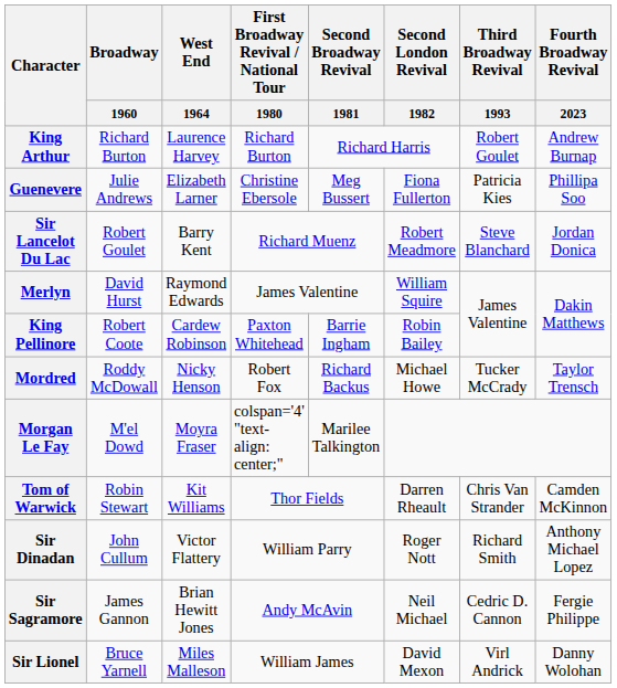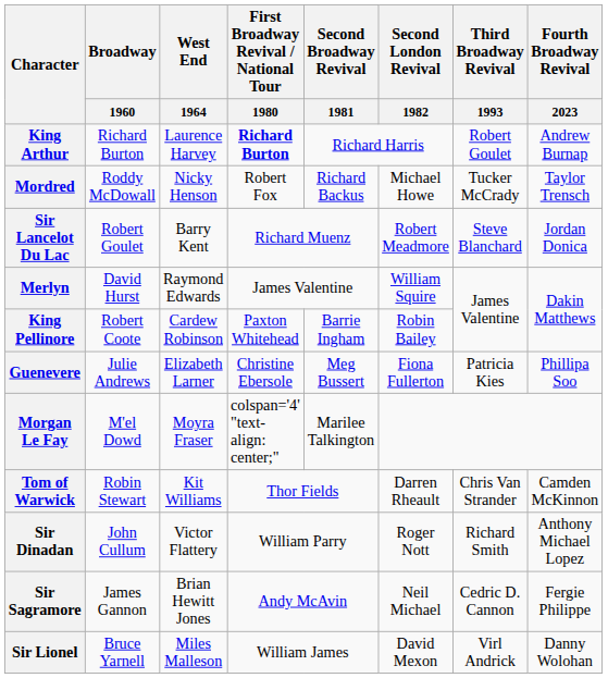 <table class="wikitable" style="width:98%;">
 <tr>
 <th rowspan="2">Character</th>
 <th>Broadway</th>
 <th>West End</th>
 <th>First Broadway Revival / National Tour</th>
 <th>Second Broadway Revival</th>
 <th>Second London Revival</th>
 <th>Third Broadway Revival</th>
 <th>Fourth Broadway Revival</th>
 </tr>
 <tr>
 <th><small>1960</small></th>
 <th><small>1964</small></th>
 <th><small>1980</small></th>
 <th><small>1981</small></th>
 <th><small>1982</small></th>
 <th><small>1993</small></th>
 <th><small>2023</small></th>
 </tr>
 <tr>
 <th scope="row"><a href='#'>King Arthur</a></th>
 <td align="center"><a href='#'>Richard Burton</a></td>
 <td align="center"><a href='#'>Laurence Harvey</a></td>
-<td align="center"><a href='#'>Richard Burton</a></td>
+<td align="center"><strong><a href='#'>Richard Burton</a></strong></td>
 <td align=center colspan="2"><a href='#'>Richard Harris</a></td>
 <td align="center"><a href='#'>Robert Goulet</a></td>
 <td align="center"><a href='#'>Andrew Burnap</a></td>
 </tr>
 <tr>
-<th scope="row"><a href='#'>Guenevere</a></th>
-<td align="center"><a href='#'>Julie Andrews</a></td>
-<td align="center"><a href='#'>Elizabeth Larner</a></td>
-<td align="center"><a href='#'>Christine Ebersole</a></td>
-<td align="center"><a href='#'>Meg Bussert</a></td>
-<td align="center"><a href='#'>Fiona Fullerton</a></td>
-<td align="center">Patricia Kies</td>
-<td align="center"><a href='#'>Phillipa Soo</a></td>
+<th scope="row"><a href='#'>Mordred</a></th>
+<td align="center"><a href='#'>Roddy McDowall</a></td>
+<td align="center"><a href='#'>Nicky Henson</a></td>
+<td align="center">Robert Fox</td>
+<td align="center"><a href='#'>Richard Backus</a></td>
+<td align="center">Michael Howe</td>
+<td align="center">Tucker McCrady</td>
+<td align="center"><a href='#'>Taylor Trensch</a></td>
 </tr>
 <tr>
 <th scope="row"><a href='#'>Sir Lancelot Du Lac</a></th>
 <td align="center"><a href='#'>Robert Goulet</a></td>
 <td align="center">Barry Kent</td>
 <td align=center colspan="2"><a href='#'>Richard Muenz</a></td>
 <td align="center"><a href='#'>Robert Meadmore</a></td>
 <td align="center"><a href='#'>Steve Blanchard</a></td>
 <td align="center"><a href='#'>Jordan Donica</a></td>
 </tr>
 <tr>
 <th scope="row"><a href='#'>Merlyn</a></th>
 <td align="center"><a href='#'>David Hurst</a></td>
 <td align="center">Raymond Edwards</td>
 <td align=center colspan="2">James Valentine</td>
 <td align="center"><a href='#'>William Squire</a></td>
 <td rowspan=2 align="center">James Valentine</td>
 <td rowspan=2 align="center"><a href='#'>Dakin Matthews</a></td>
 </tr>
 <tr>
 <th scope="row"><a href='#'>King Pellinore</a></th>
 <td align="center"><a href='#'>Robert Coote</a></td>
 <td align="center"><a href='#'>Cardew Robinson</a></td>
 <td align="center"><a href='#'>Paxton Whitehead</a></td>
 <td align="center"><a href='#'>Barrie Ingham</a></td>
 <td align="center"><a href='#'>Robin Bailey</a></td>
 </tr>
 <tr>
-<th scope="row"><a href='#'>Mordred</a></th>
-<td align="center"><a href='#'>Roddy McDowall</a></td>
-<td align="center"><a href='#'>Nicky Henson</a></td>
-<td align="center">Robert Fox</td>
-<td align="center"><a href='#'>Richard Backus</a></td>
-<td align="center">Michael Howe</td>
-<td align="center">Tucker McCrady</td>
-<td align="center"><a href='#'>Taylor Trensch</a></td>
+<th scope="row"><a href='#'>Guenevere</a></th>
+<td align="center"><a href='#'>Julie Andrews</a></td>
+<td align="center"><a href='#'>Elizabeth Larner</a></td>
+<td align="center"><a href='#'>Christine Ebersole</a></td>
+<td align="center"><a href='#'>Meg Bussert</a></td>
+<td align="center"><a href='#'>Fiona Fullerton</a></td>
+<td align="center">Patricia Kies</td>
+<td align="center"><a href='#'>Phillipa Soo</a></td>
 </tr>
 <tr>
 <th scope="row"><a href='#'>Morgan Le Fay</a></th>
 <td align="center"><a href='#'>M'el Dowd</a></td>
 <td align="center"><a href='#'>Moyra Fraser</a></td>
 <td>colspan='4' "text-align: center;" </td>
 <td align="center">Marilee Talkington</td>
 </tr>
 <tr>
 <th scope="row"><a href='#'>Tom of Warwick</a></th>
 <td align="center"><a href='#'>Robin Stewart</a></td>
 <td align="center"><a href='#'>Kit Williams</a></td>
 <td align=center colspan="2"><a href='#'>Thor Fields</a></td>
 <td align="center">Darren Rheault</td>
 <td align="center">Chris Van Strander</td>
 <td align="center">Camden McKinnon</td>
 </tr>
 <tr>
 <th scope="row">Sir Dinadan</th>
 <td align="center"><a href='#'>John Cullum</a></td>
 <td align="center">Victor Flattery</td>
 <td align=center colspan="2">William Parry</td>
 <td align="center">Roger Nott</td>
 <td align="center">Richard Smith</td>
 <td align="center">Anthony Michael Lopez</td>
 </tr>
 <tr>
 <th scope="row">Sir Sagramore</th>
 <td align="center">James Gannon</td>
 <td align="center">Brian Hewitt Jones</td>
 <td align=center colspan="2"><a href='#'>Andy McAvin</a></td>
 <td align="center">Neil Michael</td>
 <td align="center">Cedric D. Cannon</td>
 <td align="center">Fergie Philippe</td>
 </tr>
 <tr>
 <th scope="row">Sir Lionel</th>
 <td align="center"><a href='#'>Bruce Yarnell</a></td>
 <td align="center"><a href='#'>Miles Malleson</a></td>
 <td align=center colspan="2">William James</td>
 <td align="center">David Mexon</td>
 <td align="center">Virl Andrick</td>
 <td align="center">Danny Wolohan</td>
 </tr>
 </table>
